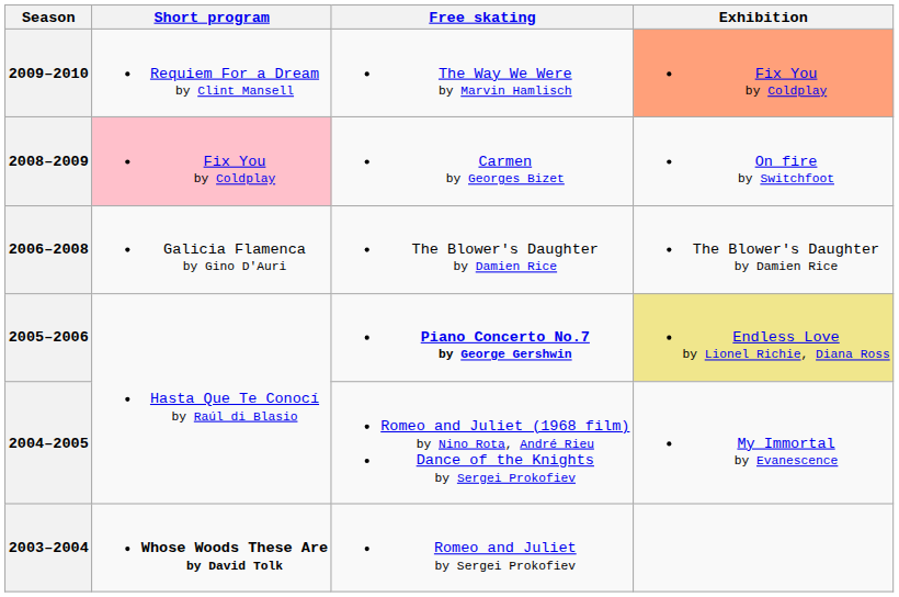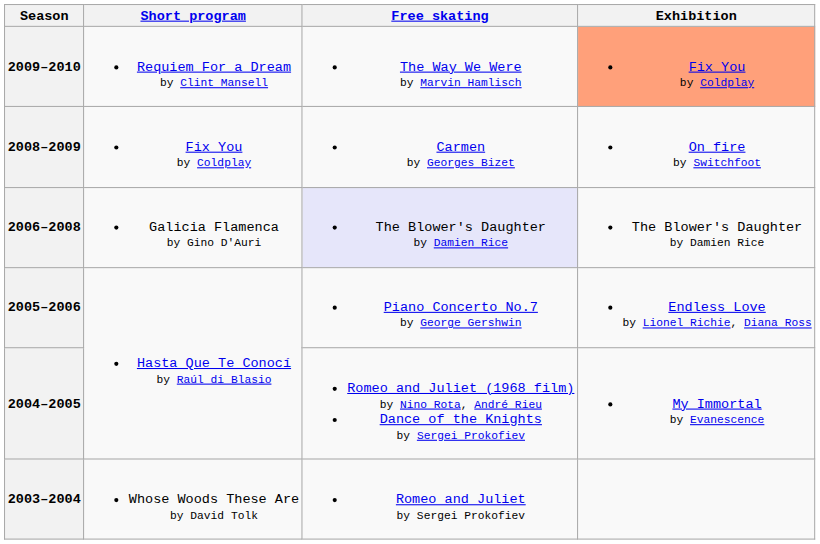 <table class="wikitable" style="text-align:center">
 <tr>
 <th>Season</th>
 <th><a href='#'>Short program</a></th>
 <th><a href='#'>Free skating</a></th>
 <th>Exhibition</th>
 </tr>
 <tr>
 <th>2009–2010 <br></th>
 <td><br><ul><li><a href='#'>Requiem For a Dream</a> <br><small> by <a href='#'>Clint Mansell</a> </small></li></ul></td>
 <td><br><ul><li><a href='#'>The Way We Were</a> <br><small> by <a href='#'>Marvin Hamlisch</a> </small></li></ul></td>
 <td style="background: lightsalmon;"><br><ul><li><a href='#'>Fix You</a> <br><small> by <a href='#'>Coldplay</a> </small></li></ul></td>
 </tr>
 <tr>
 <th>2008–2009 <br></th>
-<td style="background: pink;"><br><ul><li><a href='#'>Fix You</a> <br><small> by <a href='#'>Coldplay</a> </small></li></ul></td>
+<td><br><ul><li><a href='#'>Fix You</a> <br><small> by <a href='#'>Coldplay</a> </small></li></ul></td>
 <td><br><ul><li><a href='#'>Carmen</a> <br><small> by <a href='#'>Georges Bizet</a> </small></li></ul></td>
 <td><br><ul><li><a href='#'>On fire</a> <br><small> by <a href='#'>Switchfoot</a> </small></li></ul></td>
 </tr>
 <tr>
 <th>2006–2008 <br></th>
 <td><br><ul><li>Galicia Flamenca <br><small> by Gino D'Auri </small></li></ul></td>
-<td><br><ul><li>The Blower's Daughter <br><small> by <a href='#'>Damien Rice</a> </small></li></ul></td>
+<td style="background: lavender;"><br><ul><li>The Blower's Daughter <br><small> by <a href='#'>Damien Rice</a> </small></li></ul></td>
 <td><br><ul><li>The Blower's Daughter <br><small> by Damien Rice </small></li></ul></td>
 </tr>
 <tr>
 <th>2005–2006 <br></th>
 <td rowspan=2><br><ul><li><a href='#'>Hasta Que Te Conocí</a> <br><small> by <a href='#'>Raúl di Blasio</a> </small></li></ul></td>
-<td><strong><br><ul><li><a href='#'>Piano Concerto No.7</a> <br><small> by <a href='#'>George Gershwin</a> </small></li></ul></strong></td>
-<td style="background: khaki;"><br><ul><li><a href='#'>Endless Love</a> <br><small> by <a href='#'>Lionel Richie</a>, <a href='#'>Diana Ross</a></small></li></ul></td>
+<td><br><ul><li><a href='#'>Piano Concerto No.7</a> <br><small> by <a href='#'>George Gershwin</a> </small></li></ul></td>
+<td><br><ul><li><a href='#'>Endless Love</a> <br><small> by <a href='#'>Lionel Richie</a>, <a href='#'>Diana Ross</a></small></li></ul></td>
 </tr>
 <tr>
 <th>2004–2005 <br></th>
 <td><br><ul><li><a href='#'>Romeo and Juliet (1968 film)</a> <br><small> by <a href='#'>Nino Rota</a>, <a href='#'>André Rieu</a> </small></li><li><a href='#'>Dance of the Knights</a> <br><small> by <a href='#'>Sergei Prokofiev</a> </small></li></ul></td>
 <td><br><ul><li><a href='#'>My Immortal</a> <br><small> by <a href='#'>Evanescence</a> </small></li></ul></td>
 </tr>
 <tr>
 <th>2003–2004 <br></th>
-<td><strong><br><ul><li>Whose Woods These Are <br><small> by David Tolk </small></li></ul></strong></td>
+<td><br><ul><li>Whose Woods These Are <br><small> by David Tolk </small></li></ul></td>
 <td><br><ul><li><a href='#'>Romeo and Juliet</a> <br><small> by Sergei Prokofiev </small></li></ul></td>
 <td></td>
 </tr>
 </table>
